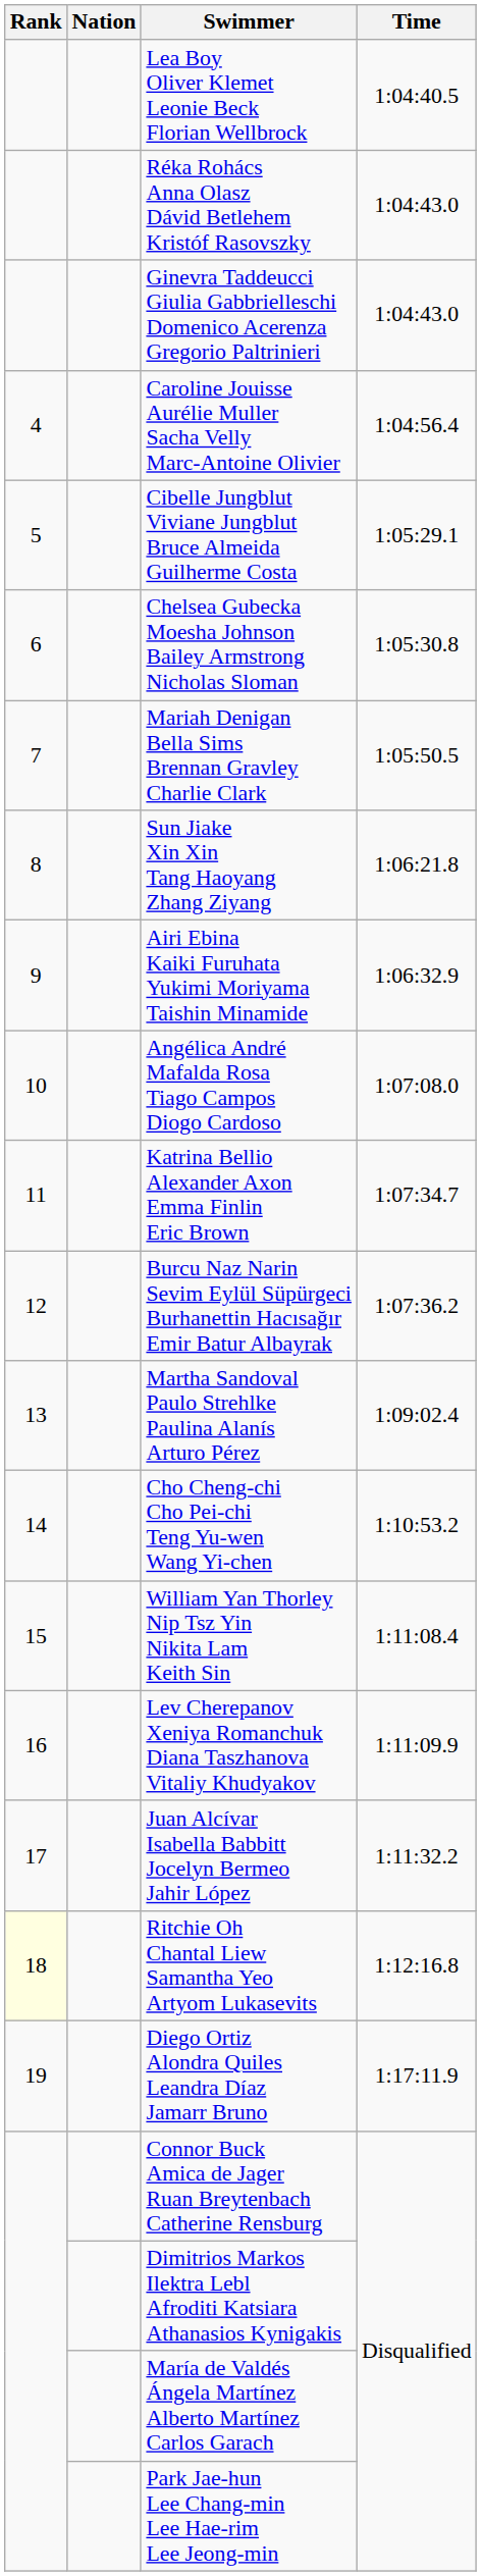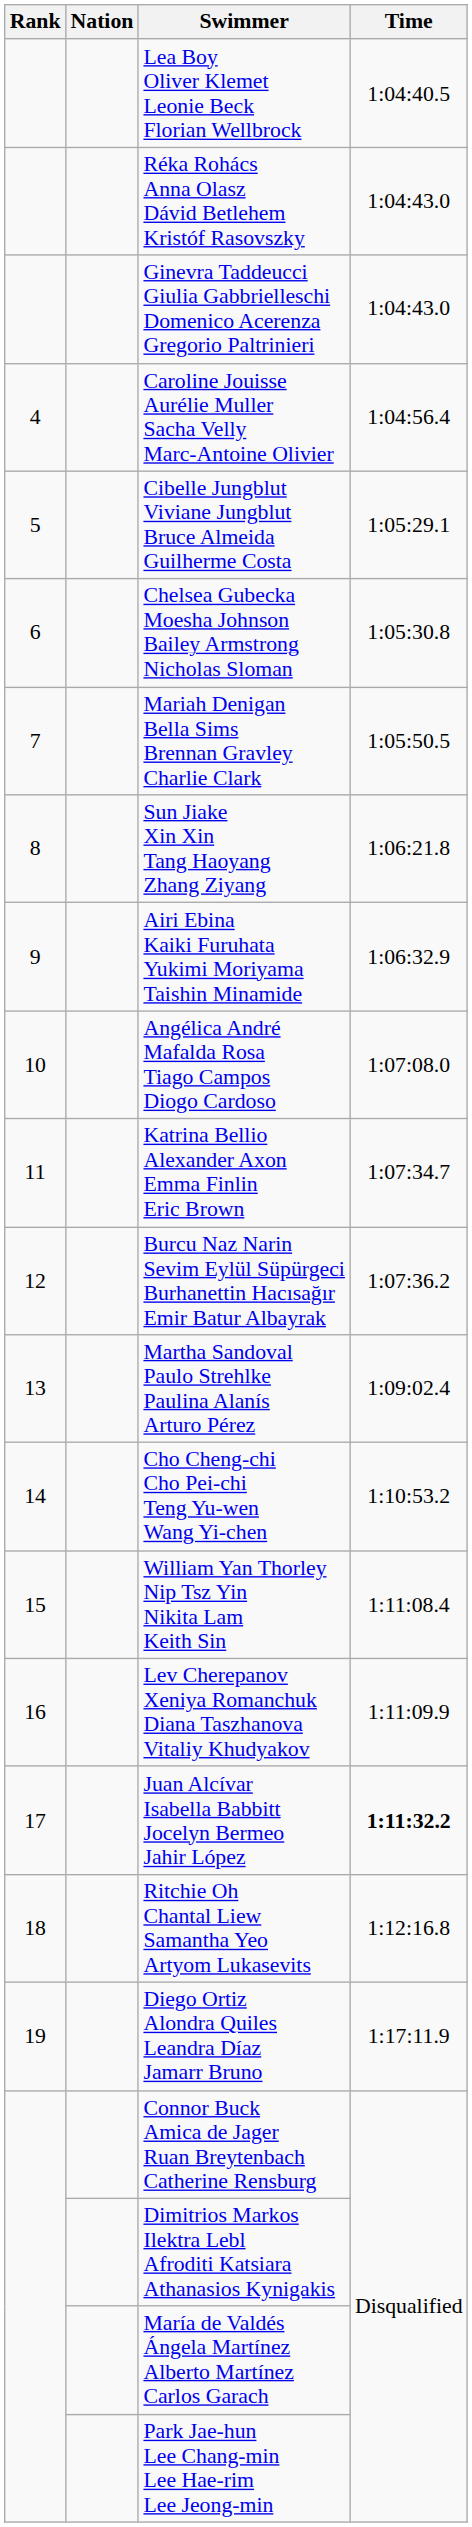 <table class="wikitable sortable" border="1" style="text-align:center">
 <tr>
 <th>Rank</th>
 <th>Nation</th>
 <th>Swimmer</th>
 <th>Time</th>
 </tr>
 <tr>
 <td></td>
 <td align=left></td>
 <td align=left><a href='#'>Lea Boy</a><br><a href='#'>Oliver Klemet</a><br><a href='#'>Leonie Beck</a><br><a href='#'>Florian Wellbrock</a></td>
 <td>1:04:40.5</td>
 </tr>
 <tr>
 <td></td>
 <td align=left></td>
 <td align=left><a href='#'>Réka Rohács</a><br><a href='#'>Anna Olasz</a><br><a href='#'>Dávid Betlehem</a><br><a href='#'>Kristóf Rasovszky</a></td>
 <td>1:04:43.0</td>
 </tr>
 <tr>
 <td></td>
 <td align=left></td>
 <td align=left><a href='#'>Ginevra Taddeucci</a><br><a href='#'>Giulia Gabbrielleschi</a><br><a href='#'>Domenico Acerenza</a><br><a href='#'>Gregorio Paltrinieri</a></td>
 <td>1:04:43.0</td>
 </tr>
 <tr>
 <td>4</td>
 <td align=left></td>
 <td align=left><a href='#'>Caroline Jouisse</a><br><a href='#'>Aurélie Muller</a><br><a href='#'>Sacha Velly</a><br><a href='#'>Marc-Antoine Olivier</a></td>
 <td>1:04:56.4</td>
 </tr>
 <tr>
 <td>5</td>
 <td align=left></td>
 <td align=left><a href='#'>Cibelle Jungblut</a><br><a href='#'>Viviane Jungblut</a><br><a href='#'>Bruce Almeida</a><br><a href='#'>Guilherme Costa</a></td>
 <td>1:05:29.1</td>
 </tr>
 <tr>
 <td>6</td>
 <td align=left></td>
 <td align=left><a href='#'>Chelsea Gubecka</a><br><a href='#'>Moesha Johnson</a><br><a href='#'>Bailey Armstrong</a><br><a href='#'>Nicholas Sloman</a></td>
 <td>1:05:30.8</td>
 </tr>
 <tr>
 <td>7</td>
 <td align=left></td>
 <td align=left><a href='#'>Mariah Denigan</a><br><a href='#'>Bella Sims</a><br><a href='#'>Brennan Gravley</a><br><a href='#'>Charlie Clark</a></td>
 <td>1:05:50.5</td>
 </tr>
 <tr>
 <td>8</td>
 <td align=left></td>
 <td align=left><a href='#'>Sun Jiake</a><br><a href='#'>Xin Xin</a><br><a href='#'>Tang Haoyang</a><br><a href='#'>Zhang Ziyang</a></td>
 <td>1:06:21.8</td>
 </tr>
 <tr>
 <td>9</td>
 <td align=left></td>
 <td align=left><a href='#'>Airi Ebina</a><br><a href='#'>Kaiki Furuhata</a><br><a href='#'>Yukimi Moriyama</a><br><a href='#'>Taishin Minamide</a></td>
 <td>1:06:32.9</td>
 </tr>
 <tr>
 <td>10</td>
 <td align=left></td>
 <td align=left><a href='#'>Angélica André</a><br><a href='#'>Mafalda Rosa</a><br><a href='#'>Tiago Campos</a><br><a href='#'>Diogo Cardoso</a></td>
 <td>1:07:08.0</td>
 </tr>
 <tr>
 <td>11</td>
 <td align=left></td>
 <td align=left><a href='#'>Katrina Bellio</a><br><a href='#'>Alexander Axon</a><br><a href='#'>Emma Finlin</a><br><a href='#'>Eric Brown</a></td>
 <td>1:07:34.7</td>
 </tr>
 <tr>
 <td>12</td>
 <td align=left></td>
 <td align=left><a href='#'>Burcu Naz Narin</a><br><a href='#'>Sevim Eylül Süpürgeci</a> <br><a href='#'>Burhanettin Hacısağır</a><br><a href='#'>Emir Batur Albayrak</a></td>
 <td>1:07:36.2</td>
 </tr>
 <tr>
 <td>13</td>
 <td align=left></td>
 <td align=left><a href='#'>Martha Sandoval</a><br><a href='#'>Paulo Strehlke</a><br><a href='#'>Paulina Alanís</a><br><a href='#'>Arturo Pérez</a></td>
 <td>1:09:02.4</td>
 </tr>
 <tr>
 <td>14</td>
 <td align=left></td>
 <td align=left><a href='#'>Cho Cheng-chi</a><br><a href='#'>Cho Pei-chi</a><br><a href='#'>Teng Yu-wen</a><br><a href='#'>Wang Yi-chen</a></td>
 <td>1:10:53.2</td>
 </tr>
 <tr>
 <td>15</td>
 <td align=left></td>
 <td align=left><a href='#'>William Yan Thorley</a><br><a href='#'>Nip Tsz Yin</a><br><a href='#'>Nikita Lam</a><br><a href='#'>Keith Sin</a></td>
 <td>1:11:08.4</td>
 </tr>
 <tr>
 <td>16</td>
 <td align=left></td>
 <td align=left><a href='#'>Lev Cherepanov</a><br><a href='#'>Xeniya Romanchuk</a><br><a href='#'>Diana Taszhanova</a><br><a href='#'>Vitaliy Khudyakov</a></td>
 <td>1:11:09.9</td>
 </tr>
 <tr>
 <td>17</td>
 <td align=left></td>
 <td align=left><a href='#'>Juan Alcívar</a><br><a href='#'>Isabella Babbitt</a><br><a href='#'>Jocelyn Bermeo</a><br><a href='#'>Jahir López</a></td>
-<td>1:11:32.2</td>
+<td><strong>1:11:32.2</strong></td>
 </tr>
 <tr>
-<td style="background: lightyellow;">18</td>
+<td>18</td>
 <td align=left></td>
 <td align=left><a href='#'>Ritchie Oh</a><br><a href='#'>Chantal Liew</a><br><a href='#'>Samantha Yeo</a><br><a href='#'>Artyom Lukasevits</a></td>
 <td>1:12:16.8</td>
 </tr>
 <tr>
 <td>19</td>
 <td align=left></td>
 <td align=left><a href='#'>Diego Ortiz</a><br><a href='#'>Alondra Quiles</a><br><a href='#'>Leandra Díaz</a><br><a href='#'>Jamarr Bruno</a></td>
 <td>1:17:11.9</td>
 </tr>
 <tr>
 <td rowspan=4></td>
 <td align=left></td>
 <td align=left><a href='#'>Connor Buck</a><br><a href='#'>Amica de Jager</a><br><a href='#'>Ruan Breytenbach</a><br><a href='#'>Catherine Rensburg</a></td>
 <td rowspan=4>Disqualified</td>
 </tr>
 <tr>
 <td align=left></td>
 <td align=left><a href='#'>Dimitrios Markos</a><br><a href='#'>Ilektra Lebl</a><br><a href='#'>Afroditi Katsiara</a><br><a href='#'>Athanasios Kynigakis</a></td>
 </tr>
 <tr>
 <td align=left></td>
 <td align=left><a href='#'>María de Valdés</a><br><a href='#'>Ángela Martínez</a><br><a href='#'>Alberto Martínez</a><br><a href='#'>Carlos Garach</a></td>
 </tr>
 <tr>
 <td align=left></td>
 <td align=left><a href='#'>Park Jae-hun</a><br><a href='#'>Lee Chang-min</a> <br><a href='#'>Lee Hae-rim</a><br><a href='#'>Lee Jeong-min</a></td>
 </tr>
 </table>
